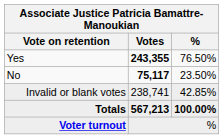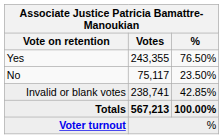 <table class="wikitable" style="font-size: 95%;">
 <tr style="background-color:#E9E9E9">
 <th colspan=7>Associate Justice Patricia Bamattre-Manoukian</th>
 </tr>
 <tr style="background-color:#E9E9E9">
 <th style="width: 170px">Vote on retention</th>
 <th style="width: 50px">Votes</th>
 <th style="width: 40px">%</th>
 </tr>
 <tr>
 <td>Yes</td>
-<td align="right"><strong>243,355</strong></td>
+<td align="right">243,355</td>
 <td align="right">76.50%</td>
 </tr>
 <tr>
 <td>No</td>
-<td align="right"><strong>75,117</strong></td>
+<td align="right">75,117</td>
 <td align="right">23.50%</td>
 </tr>
 <tr bgcolor="#EEEEEE">
 <td align="right">Invalid or blank votes</td>
 <td align="right">238,741</td>
 <td align="right">42.85%</td>
 </tr>
 <tr bgcolor="#EEEEEE">
 <td align="right"><strong>Totals</strong></td>
 <td align="right"><strong>567,213</strong></td>
 <td align="right"><strong>100.00%</strong></td>
 </tr>
 <tr bgcolor="#EEEEEE">
 <td align="right"><strong><a href='#'>Voter turnout</a></strong></td>
 <td colspan="2" align="right">%</td>
 </tr>
 </table>
